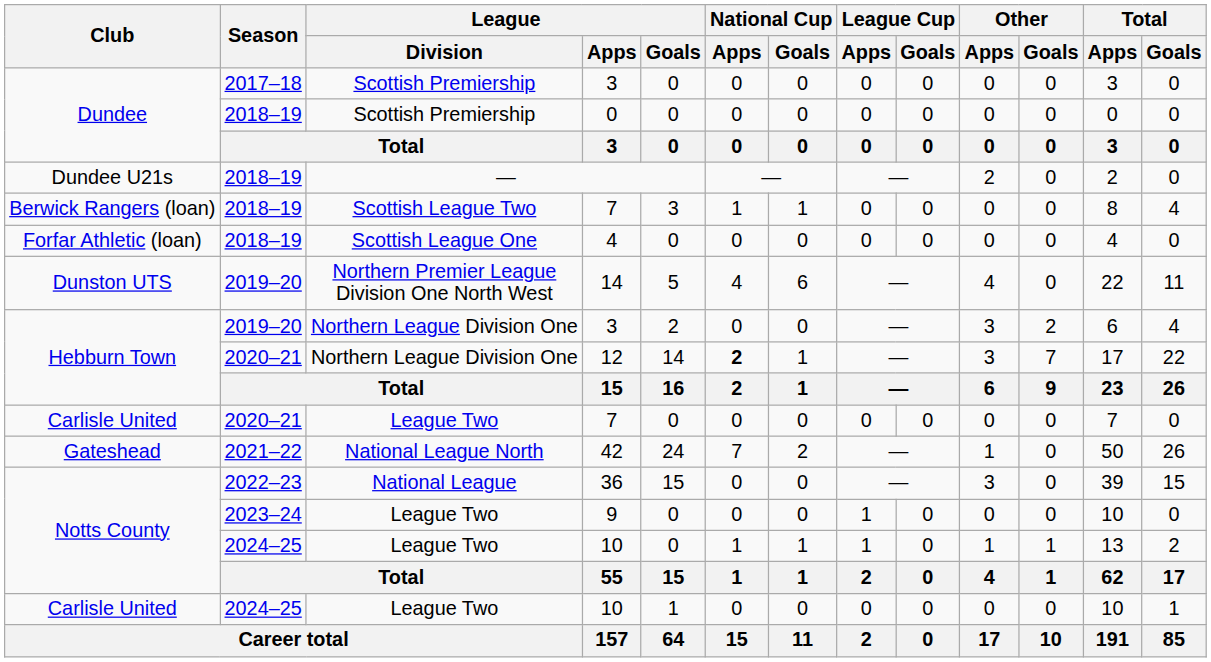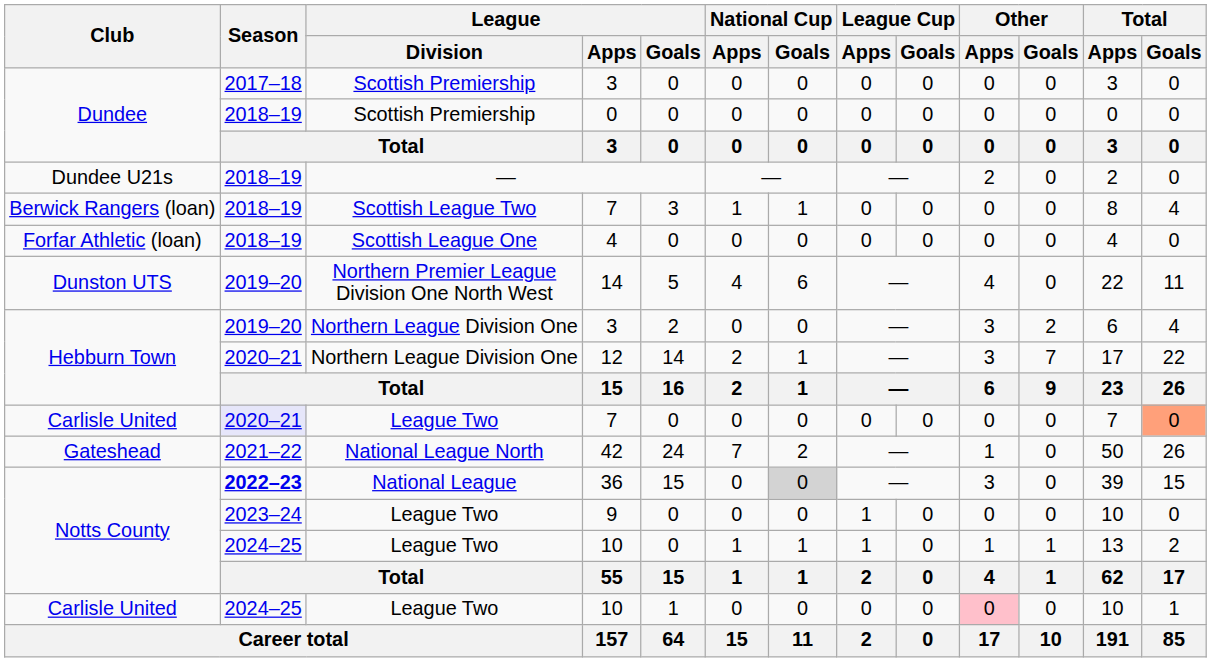 <table class=wikitable style="text-align: center">
 <tr>
 <th rowspan=2>Club</th>
 <th rowspan=2>Season</th>
 <th colspan=3>League</th>
 <th colspan=2>National Cup</th>
 <th colspan=2>League Cup</th>
 <th colspan=2>Other</th>
 <th colspan=2>Total</th>
 </tr>
 <tr>
 <th>Division</th>
 <th>Apps</th>
 <th>Goals</th>
 <th>Apps</th>
 <th>Goals</th>
 <th>Apps</th>
 <th>Goals</th>
 <th>Apps</th>
 <th>Goals</th>
 <th>Apps</th>
 <th>Goals</th>
 </tr>
 <tr>
 <td rowspan=3><a href='#'>Dundee</a></td>
 <td><a href='#'>2017–18</a></td>
 <td><a href='#'>Scottish Premiership</a></td>
 <td>3</td>
 <td>0</td>
 <td>0</td>
 <td>0</td>
 <td>0</td>
 <td>0</td>
 <td>0</td>
 <td>0</td>
 <td>3</td>
 <td>0</td>
 </tr>
 <tr>
 <td><a href='#'>2018–19</a></td>
 <td>Scottish Premiership</td>
 <td>0</td>
 <td>0</td>
 <td>0</td>
 <td>0</td>
 <td>0</td>
 <td>0</td>
 <td>0</td>
 <td>0</td>
 <td>0</td>
 <td>0</td>
 </tr>
 <tr>
 <th colspan=2>Total</th>
 <th>3</th>
 <th>0</th>
 <th>0</th>
 <th>0</th>
 <th>0</th>
 <th>0</th>
 <th>0</th>
 <th>0</th>
 <th>3</th>
 <th>0</th>
 </tr>
 <tr>
 <td>Dundee U21s</td>
 <td><a href='#'>2018–19</a></td>
 <td colspan="3">—</td>
 <td colspan="2">—</td>
 <td colspan="2">—</td>
 <td>2</td>
 <td>0</td>
 <td>2</td>
 <td>0</td>
 </tr>
 <tr>
 <td><a href='#'>Berwick Rangers</a> (loan)</td>
 <td><a href='#'>2018–19</a></td>
 <td><a href='#'>Scottish League Two</a></td>
 <td>7</td>
 <td>3</td>
 <td>1</td>
 <td>1</td>
 <td>0</td>
 <td>0</td>
 <td>0</td>
 <td>0</td>
 <td>8</td>
 <td>4</td>
 </tr>
 <tr>
 <td><a href='#'>Forfar Athletic</a> (loan)</td>
 <td><a href='#'>2018–19</a></td>
 <td><a href='#'>Scottish League One</a></td>
 <td>4</td>
 <td>0</td>
 <td>0</td>
 <td>0</td>
 <td>0</td>
 <td>0</td>
 <td>0</td>
 <td>0</td>
 <td>4</td>
 <td>0</td>
 </tr>
 <tr>
 <td><a href='#'>Dunston UTS</a></td>
 <td><a href='#'>2019–20</a></td>
 <td><a href='#'>Northern Premier League</a><br>Division One North West</td>
 <td>14</td>
 <td>5</td>
 <td>4</td>
 <td>6</td>
 <td colspan="2">—</td>
 <td>4</td>
 <td>0</td>
 <td>22</td>
 <td>11</td>
 </tr>
 <tr>
 <td rowspan=3><a href='#'>Hebburn Town</a></td>
 <td><a href='#'>2019–20</a></td>
 <td><a href='#'>Northern League</a> Division One</td>
 <td>3</td>
 <td>2</td>
 <td>0</td>
 <td>0</td>
 <td colspan="2">—</td>
 <td>3</td>
 <td>2</td>
 <td>6</td>
 <td>4</td>
 </tr>
 <tr>
 <td><a href='#'>2020–21</a></td>
 <td>Northern League Division One</td>
 <td>12</td>
 <td>14</td>
-<td><strong>2</strong></td>
+<td>2</td>
 <td>1</td>
 <td colspan="2">—</td>
 <td>3</td>
 <td>7</td>
 <td>17</td>
 <td>22</td>
 </tr>
 <tr>
 <th colspan=2>Total</th>
 <th>15</th>
 <th>16</th>
 <th>2</th>
 <th>1</th>
 <th colspan="2">—</th>
 <th>6</th>
 <th>9</th>
 <th>23</th>
 <th>26</th>
 </tr>
 <tr>
 <td><a href='#'>Carlisle United</a></td>
-<td><a href='#'>2020–21</a></td>
+<td style="background: lavender;"><a href='#'>2020–21</a></td>
 <td><a href='#'>League Two</a></td>
 <td>7</td>
 <td>0</td>
 <td>0</td>
 <td>0</td>
 <td>0</td>
 <td>0</td>
 <td>0</td>
 <td>0</td>
 <td>7</td>
-<td>0</td>
+<td style="background: lightsalmon;">0</td>
 </tr>
 <tr>
 <td><a href='#'>Gateshead</a></td>
 <td><a href='#'>2021–22</a></td>
 <td><a href='#'>National League North</a></td>
 <td>42</td>
 <td>24</td>
 <td>7</td>
 <td>2</td>
 <td colspan="2">—</td>
 <td>1</td>
 <td>0</td>
 <td>50</td>
 <td>26</td>
 </tr>
 <tr>
 <td rowspan="4"><a href='#'>Notts County</a></td>
-<td><a href='#'>2022–23</a></td>
+<td><strong><a href='#'>2022–23</a></strong></td>
 <td><a href='#'>National League</a></td>
 <td>36</td>
 <td>15</td>
 <td>0</td>
-<td>0</td>
+<td style="background: lightgrey;">0</td>
 <td colspan="2">—</td>
 <td>3</td>
 <td>0</td>
 <td>39</td>
 <td>15</td>
 </tr>
 <tr>
 <td><a href='#'>2023–24</a></td>
 <td>League Two</td>
 <td>9</td>
 <td>0</td>
 <td>0</td>
 <td>0</td>
 <td>1</td>
 <td>0</td>
 <td>0</td>
 <td>0</td>
 <td>10</td>
 <td>0</td>
 </tr>
 <tr>
 <td><a href='#'>2024–25</a></td>
 <td>League Two</td>
 <td>10</td>
 <td>0</td>
 <td>1</td>
 <td>1</td>
 <td>1</td>
 <td>0</td>
 <td>1</td>
 <td>1</td>
 <td>13</td>
 <td>2</td>
 </tr>
 <tr>
 <th colspan="2">Total</th>
 <th>55</th>
 <th>15</th>
 <th>1</th>
 <th>1</th>
 <th>2</th>
 <th>0</th>
 <th>4</th>
 <th>1</th>
 <th>62</th>
 <th>17</th>
 </tr>
 <tr>
 <td><a href='#'>Carlisle United</a></td>
 <td><a href='#'>2024–25</a></td>
 <td>League Two</td>
 <td>10</td>
 <td>1</td>
 <td>0</td>
 <td>0</td>
 <td>0</td>
 <td>0</td>
-<td>0</td>
+<td style="background: pink;">0</td>
 <td>0</td>
 <td>10</td>
 <td>1</td>
 </tr>
 <tr>
 <th colspan="3">Career total</th>
 <th>157</th>
 <th>64</th>
 <th>15</th>
 <th>11</th>
 <th>2</th>
 <th>0</th>
 <th>17</th>
 <th>10</th>
 <th>191</th>
 <th>85</th>
 </tr>
 </table>
